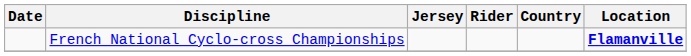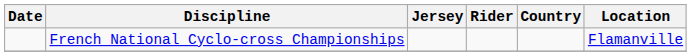 <table class="wikitable">
 <tr>
 <th>Date</th>
 <th>Discipline</th>
 <th>Jersey</th>
 <th>Rider</th>
 <th>Country</th>
 <th>Location</th>
 </tr>
 <tr>
 <td></td>
 <td><a href='#'>French National Cyclo-cross Championships</a></td>
 <td></td>
 <td></td>
 <td></td>
-<td><strong><a href='#'>Flamanville</a></strong></td>
+<td><a href='#'>Flamanville</a></td>
 </tr>
 <tr>
 </tr>
 </table>
